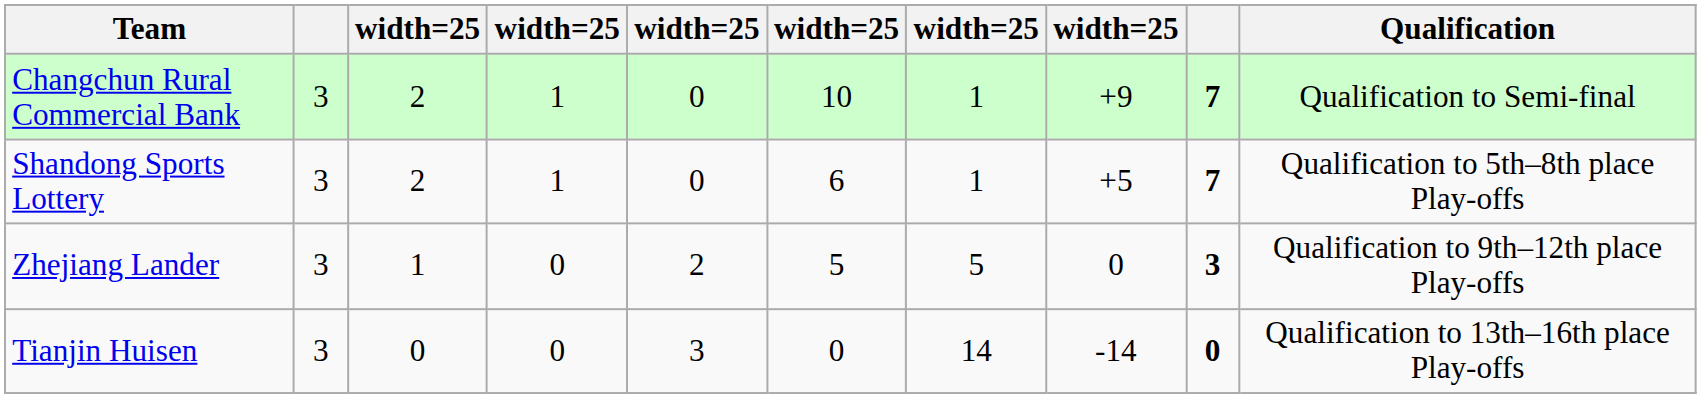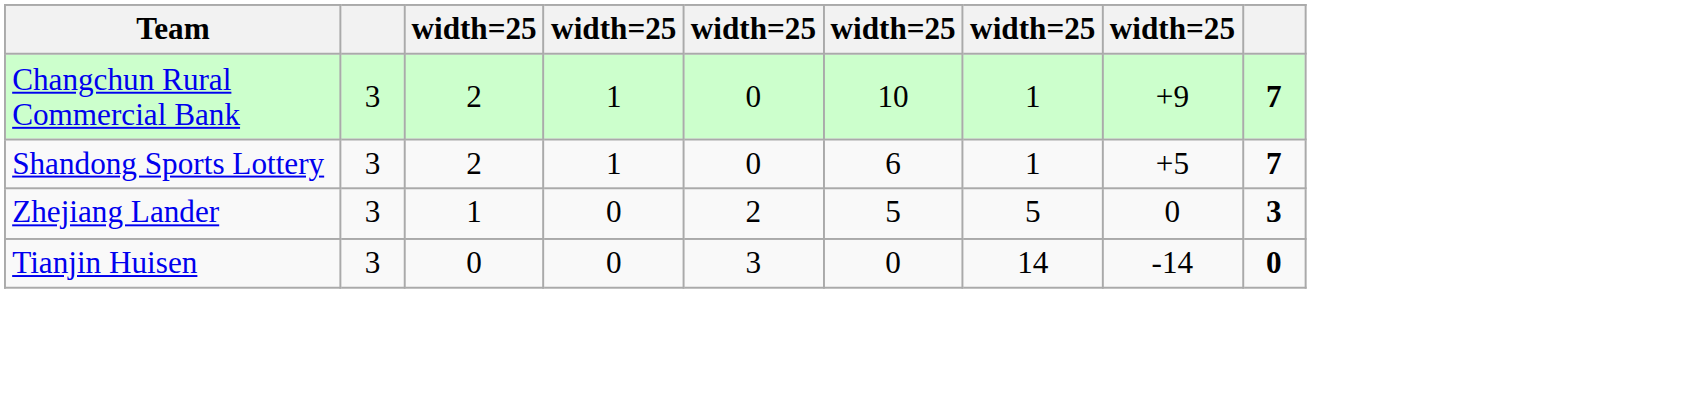 <table class="wikitable" style="text-align: center;">
 <tr>
 <th style="width:165px;">Team</th>
 <th width=25></th>
 <th>width=25</th>
 <th>width=25</th>
 <th>width=25</th>
 <th>width=25</th>
 <th>width=25</th>
 <th>width=25</th>
 <th width=25></th>
-<th width=280>Qualification</th>
 </tr>
 <tr style="background:#cfc;">
 <td align="left"><a href='#'>Changchun Rural Commercial Bank</a></td>
 <td>3</td>
 <td>2</td>
 <td>1</td>
 <td>0</td>
 <td>10</td>
 <td>1</td>
 <td>+9</td>
 <td><strong>7</strong></td>
-<td>Qualification to Semi-final</td>
 </tr>
 <tr style=>
 <td align="left"><a href='#'>Shandong Sports Lottery</a></td>
 <td>3</td>
 <td>2</td>
 <td>1</td>
 <td>0</td>
 <td>6</td>
 <td>1</td>
 <td>+5</td>
 <td><strong>7</strong></td>
-<td>Qualification to 5th–8th place Play-offs</td>
 </tr>
 <tr>
 <td align="left"><a href='#'>Zhejiang Lander</a></td>
 <td>3</td>
 <td>1</td>
 <td>0</td>
 <td>2</td>
 <td>5</td>
 <td>5</td>
 <td>0</td>
 <td><strong>3</strong></td>
-<td>Qualification to 9th–12th place Play-offs</td>
 </tr>
 <tr>
 <td align="left"><a href='#'>Tianjin Huisen</a></td>
 <td>3</td>
 <td>0</td>
 <td>0</td>
 <td>3</td>
 <td>0</td>
 <td>14</td>
 <td>-14</td>
 <td><strong>0</strong></td>
-<td>Qualification to 13th–16th place Play-offs</td>
 </tr>
 </table>
